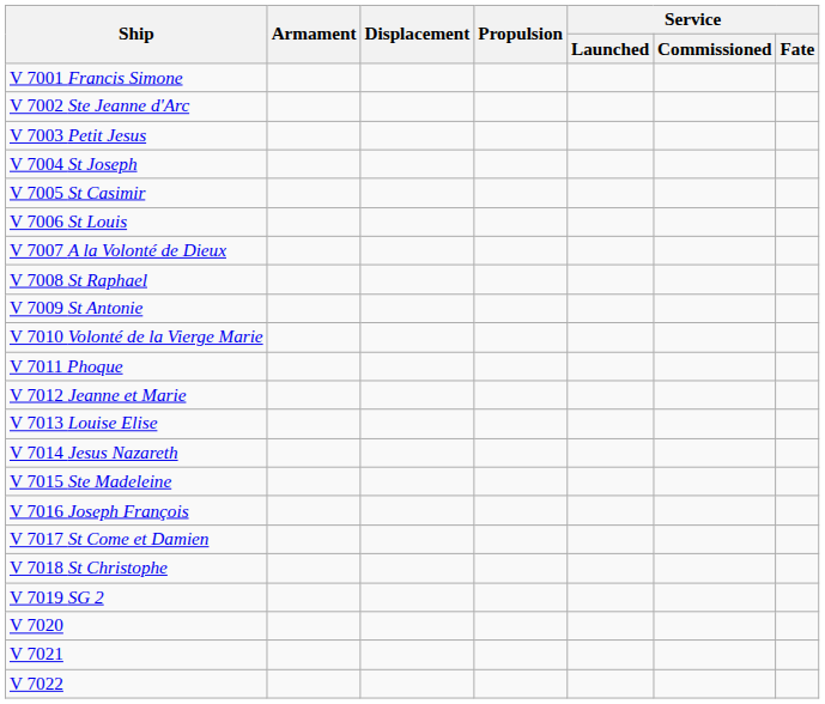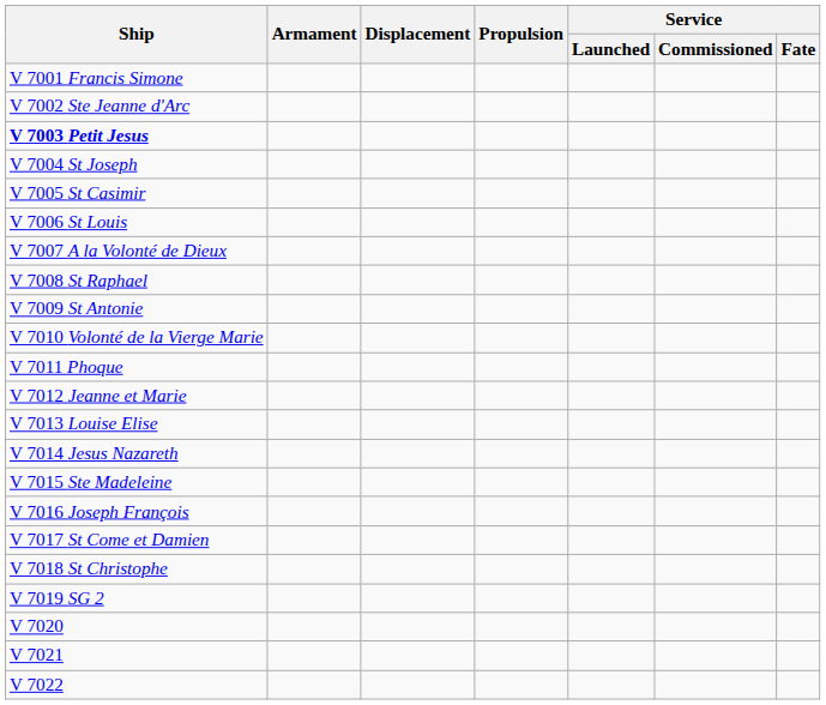 <table class="wikitable">
 <tr>
 <th rowspan="2">Ship</th>
 <th rowspan="2">Armament</th>
 <th rowspan="2">Displacement</th>
 <th rowspan="2">Propulsion</th>
 <th colspan="3">Service</th>
 </tr>
 <tr>
 <th>Launched</th>
 <th>Commissioned</th>
 <th>Fate</th>
 </tr>
 <tr>
 <td><a href='#'>V 7001 <em>Francis Simone</em></a></td>
 <td></td>
 <td></td>
 <td></td>
 <td></td>
 <td></td>
 <td></td>
 </tr>
 <tr>
 <td><a href='#'>V 7002 <em>Ste Jeanne d'Arc</em></a></td>
 <td></td>
 <td></td>
 <td></td>
 <td></td>
 <td></td>
 <td></td>
 </tr>
 <tr>
-<td><a href='#'>V 7003 <em>Petit Jesus</em></a></td>
+<td><strong><a href='#'>V 7003 <em>Petit Jesus</em></a></strong></td>
 <td></td>
 <td></td>
 <td></td>
 <td></td>
 <td></td>
 <td></td>
 </tr>
 <tr>
 <td><a href='#'>V 7004 <em>St Joseph</em></a></td>
 <td></td>
 <td></td>
 <td></td>
 <td></td>
 <td></td>
 <td></td>
 </tr>
 <tr>
 <td><a href='#'>V 7005 <em>St Casimir</em></a></td>
 <td></td>
 <td></td>
 <td></td>
 <td></td>
 <td></td>
 <td></td>
 </tr>
 <tr>
 <td><a href='#'>V 7006 <em>St Louis</em></a></td>
 <td></td>
 <td></td>
 <td></td>
 <td></td>
 <td></td>
 <td></td>
 </tr>
 <tr>
 <td><a href='#'>V 7007 <em>A la Volonté de Dieux</em></a></td>
 <td></td>
 <td></td>
 <td></td>
 <td></td>
 <td></td>
 <td></td>
 </tr>
 <tr>
 <td><a href='#'>V 7008 <em>St Raphael</em></a></td>
 <td></td>
 <td></td>
 <td></td>
 <td></td>
 <td></td>
 <td></td>
 </tr>
 <tr>
 <td><a href='#'>V 7009 <em>St Antonie</em></a></td>
 <td></td>
 <td></td>
 <td></td>
 <td></td>
 <td></td>
 <td></td>
 </tr>
 <tr>
 <td><a href='#'>V 7010 <em>Volonté de la Vierge Marie</em></a></td>
 <td></td>
 <td></td>
 <td></td>
 <td></td>
 <td></td>
 <td></td>
 </tr>
 <tr>
 <td><a href='#'>V 7011 <em>Phoque</em></a></td>
 <td></td>
 <td></td>
 <td></td>
 <td></td>
 <td></td>
 <td></td>
 </tr>
 <tr>
 <td><a href='#'>V 7012 <em>Jeanne et Marie</em></a></td>
 <td></td>
 <td></td>
 <td></td>
 <td></td>
 <td></td>
 <td></td>
 </tr>
 <tr>
 <td><a href='#'>V 7013 <em>Louise Elise</em></a></td>
 <td></td>
 <td></td>
 <td></td>
 <td></td>
 <td></td>
 <td></td>
 </tr>
 <tr>
 <td><a href='#'>V 7014 <em>Jesus Nazareth</em></a></td>
 <td></td>
 <td></td>
 <td></td>
 <td></td>
 <td></td>
 <td></td>
 </tr>
 <tr>
 <td><a href='#'>V 7015 <em>Ste Madeleine</em></a></td>
 <td></td>
 <td></td>
 <td></td>
 <td></td>
 <td></td>
 <td></td>
 </tr>
 <tr>
 <td><a href='#'>V 7016 <em>Joseph François</em></a></td>
 <td></td>
 <td></td>
 <td></td>
 <td></td>
 <td></td>
 <td></td>
 </tr>
 <tr>
 <td><a href='#'>V 7017 <em>St Come et Damien</em></a></td>
 <td></td>
 <td></td>
 <td></td>
 <td></td>
 <td></td>
 <td></td>
 </tr>
 <tr>
 <td><a href='#'>V 7018 <em>St Christophe</em></a></td>
 <td></td>
 <td></td>
 <td></td>
 <td></td>
 <td></td>
 <td></td>
 </tr>
 <tr>
 <td><a href='#'>V 7019 <em>SG 2</em></a></td>
 <td></td>
 <td></td>
 <td></td>
 <td></td>
 <td></td>
 <td></td>
 </tr>
 <tr>
 <td><a href='#'>V 7020</a></td>
 <td></td>
 <td></td>
 <td></td>
 <td></td>
 <td></td>
 <td></td>
 </tr>
 <tr>
 <td><a href='#'>V 7021</a></td>
 <td></td>
 <td></td>
 <td></td>
 <td></td>
 <td></td>
 <td></td>
 </tr>
 <tr>
 <td><a href='#'>V 7022</a></td>
 <td></td>
 <td></td>
 <td></td>
 <td></td>
 <td></td>
 <td></td>
 </tr>
 </table>
